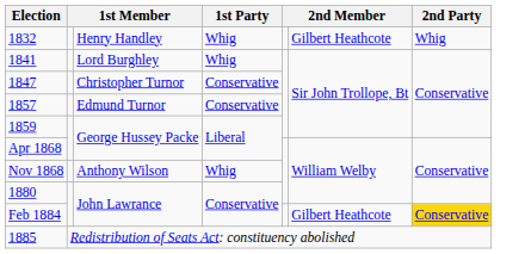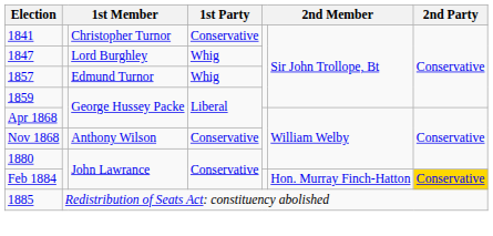 <table class="wikitable">
 <tr>
 <th>Election</th>
 <th colspan="2">1st Member</th>
 <th>1st Party</th>
 <th colspan="2">2nd Member</th>
 <th>2nd Party</th>
 </tr>
 <tr>
-<td><a href='#'>1832</a></td>
-<td style="color:inherit;background-color: "></td>
-<td><a href='#'>Henry Handley</a>	</td>
-<td><a href='#'>Whig</a></td>
-<td style="color:inherit;background-color: "></td>
-<td><a href='#'>Gilbert Heathcote</a>	</td>
-<td><a href='#'>Whig</a></td>
-</tr>
-<tr>
 <td><a href='#'>1841</a></td>
 <td style="color:inherit;background-color: "></td>
-<td><a href='#'>Lord Burghley</a>	</td>
-<td><a href='#'>Whig</a></td>
+<td><a href='#'>Christopher Turnor</a>	</td>
+<td><a href='#'>Conservative</a></td>
 <td rowspan="4" style="color:inherit;background-color: "></td>
 <td rowspan="4"><a href='#'>Sir John Trollope, Bt</a>	</td>
 <td rowspan="4"><a href='#'>Conservative</a></td>
 </tr>
 <tr>
 <td><a href='#'>1847</a></td>
 <td style="color:inherit;background-color: "></td>
-<td><a href='#'>Christopher Turnor</a>	</td>
-<td><a href='#'>Conservative</a></td>
+<td><a href='#'>Lord Burghley</a>	</td>
+<td><a href='#'>Whig</a></td>
 </tr>
 <tr>
 <td><a href='#'>1857</a></td>
 <td style="color:inherit;background-color: "></td>
 <td><a href='#'>Edmund Turnor</a>	</td>
-<td><a href='#'>Conservative</a></td>
+<td><a href='#'>Whig</a></td>
 </tr>
 <tr>
 <td><a href='#'>1859</a></td>
 <td rowspan="2" style="color:inherit;background-color: "></td>
 <td rowspan="2"><a href='#'>George Hussey Packe</a>	</td>
 <td rowspan="2"><a href='#'>Liberal</a></td>
 </tr>
 <tr>
 <td><a href='#'>Apr 1868</a></td>
 <td rowspan="3" style="color:inherit;background-color: "></td>
 <td rowspan="3"><a href='#'>William Welby</a> </td>
 <td rowspan="3"><a href='#'>Conservative</a></td>
 </tr>
 <tr>
 <td><a href='#'>Nov 1868</a></td>
 <td style="color:inherit;background-color: "></td>
 <td><a href='#'>Anthony Wilson</a>	</td>
-<td><a href='#'>Whig</a></td>
+<td><a href='#'>Conservative</a></td>
 </tr>
 <tr>
 <td><a href='#'>1880</a></td>
 <td rowspan="2" style="color:inherit;background-color: "></td>
 <td rowspan="2"><a href='#'>John Lawrance</a>	</td>
 <td rowspan="2"><a href='#'>Conservative</a></td>
 </tr>
 <tr>
 <td><a href='#'>Feb 1884</a></td>
 <td style="color:inherit;background-color: "></td>
-<td><a href='#'>Gilbert Heathcote</a>	</td>
+<td><a href='#'>Hon. Murray Finch-Hatton</a>	</td>
 <td style="background: gold;"><a href='#'>Conservative</a></td>
 </tr>
 <tr>
 <td><a href='#'>1885</a></td>
 <td colspan="6"><em><a href='#'>Redistribution of Seats Act</a>: constituency abolished</em></td>
 </tr>
 </table>
